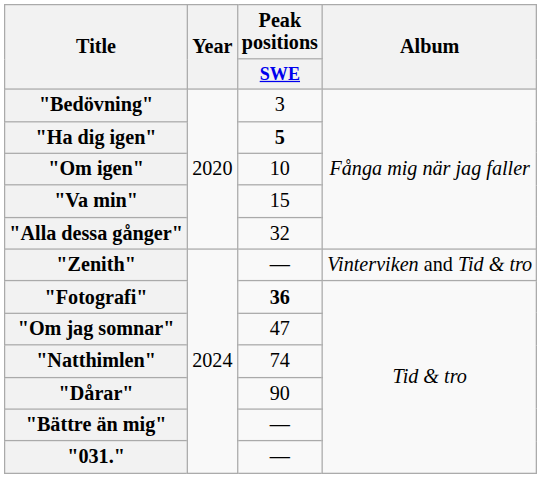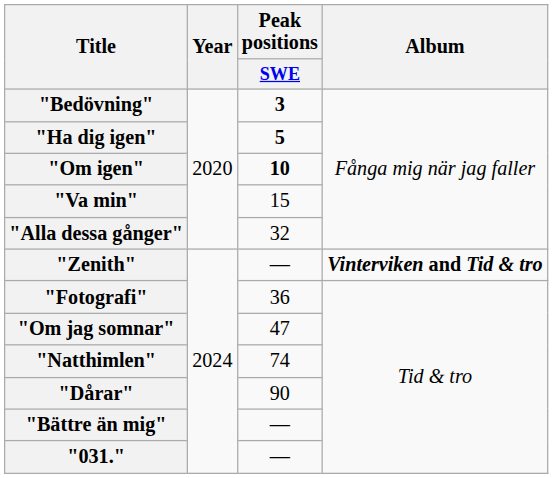 <table class="wikitable plainrowheaders" style="text-align:center">
 <tr>
 <th scope="col" rowspan="2">Title</th>
 <th scope="col" rowspan="2">Year</th>
 <th scope="col" colspan="1">Peak positions</th>
 <th scope="col" rowspan="2">Album</th>
 </tr>
 <tr>
 <th scope="col" style="width:3em;font-size:90%;"><a href='#'>SWE</a><br></th>
 </tr>
 <tr>
 <th scope="row">"Bedövning"</th>
 <td rowspan="5">2020</td>
-<td>3</td>
+<td><strong>3</strong></td>
 <td rowspan="5"><em>Fånga mig när jag faller</em></td>
 </tr>
 <tr>
 <th scope="row">"Ha dig igen"</th>
 <td><strong>5</strong></td>
 </tr>
 <tr>
 <th scope="row">"Om igen"</th>
-<td>10</td>
+<td><strong>10</strong></td>
 </tr>
 <tr>
 <th scope="row">"Va min"<br></th>
 <td>15<br></td>
 </tr>
 <tr>
 <th scope="row">"Alla dessa gånger"</th>
 <td>32</td>
 </tr>
 <tr>
 <th scope="row">"Zenith"<br></th>
 <td rowspan="7">2024</td>
 <td>—</td>
-<td><em>Vinterviken</em> and <em>Tid & tro</em></td>
+<td><strong><em>Vinterviken</em> and <em>Tid & tro</em></strong></td>
 </tr>
 <tr>
 <th scope="row">"Fotografi"</th>
-<td><strong>36</strong></td>
+<td>36</td>
 <td rowspan="6"><em>Tid & tro</em></td>
 </tr>
 <tr>
 <th scope="row">"Om jag somnar"</th>
 <td>47</td>
 </tr>
 <tr>
 <th scope="row">"Natthimlen"</th>
 <td>74</td>
 </tr>
 <tr>
 <th scope="row">"Dårar"</th>
 <td>90</td>
 </tr>
 <tr>
 <th scope="row">"Bättre än mig"</th>
 <td>—</td>
 </tr>
 <tr>
 <th scope="row">"031."</th>
 <td>—</td>
 </tr>
 </table>
